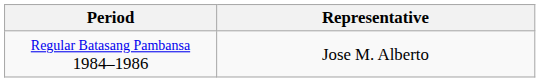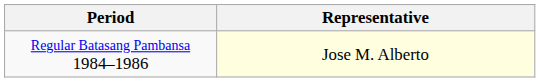 <table class="wikitable" style="text-align:center; width:40%;">
 <tr>
 <th width="40%">Period</th>
 <th>Representative</th>
 </tr>
 <tr>
 <td><small><a href='#'>Regular Batasang Pambansa</a></small><br>1984–1986</td>
-<td>Jose M. Alberto</td>
+<td style="background: lightyellow;">Jose M. Alberto</td>
 </tr>
 </table>
